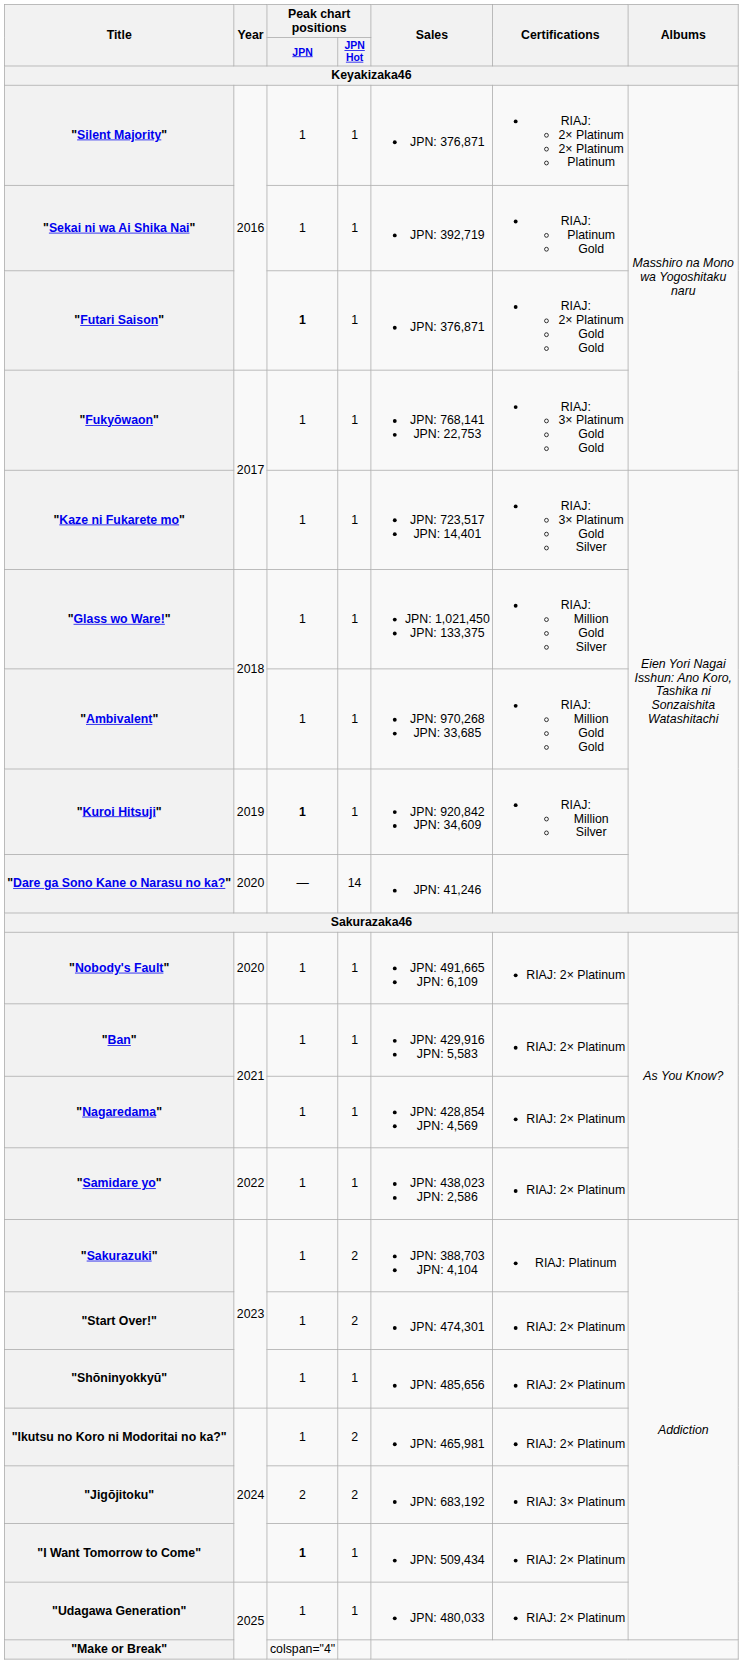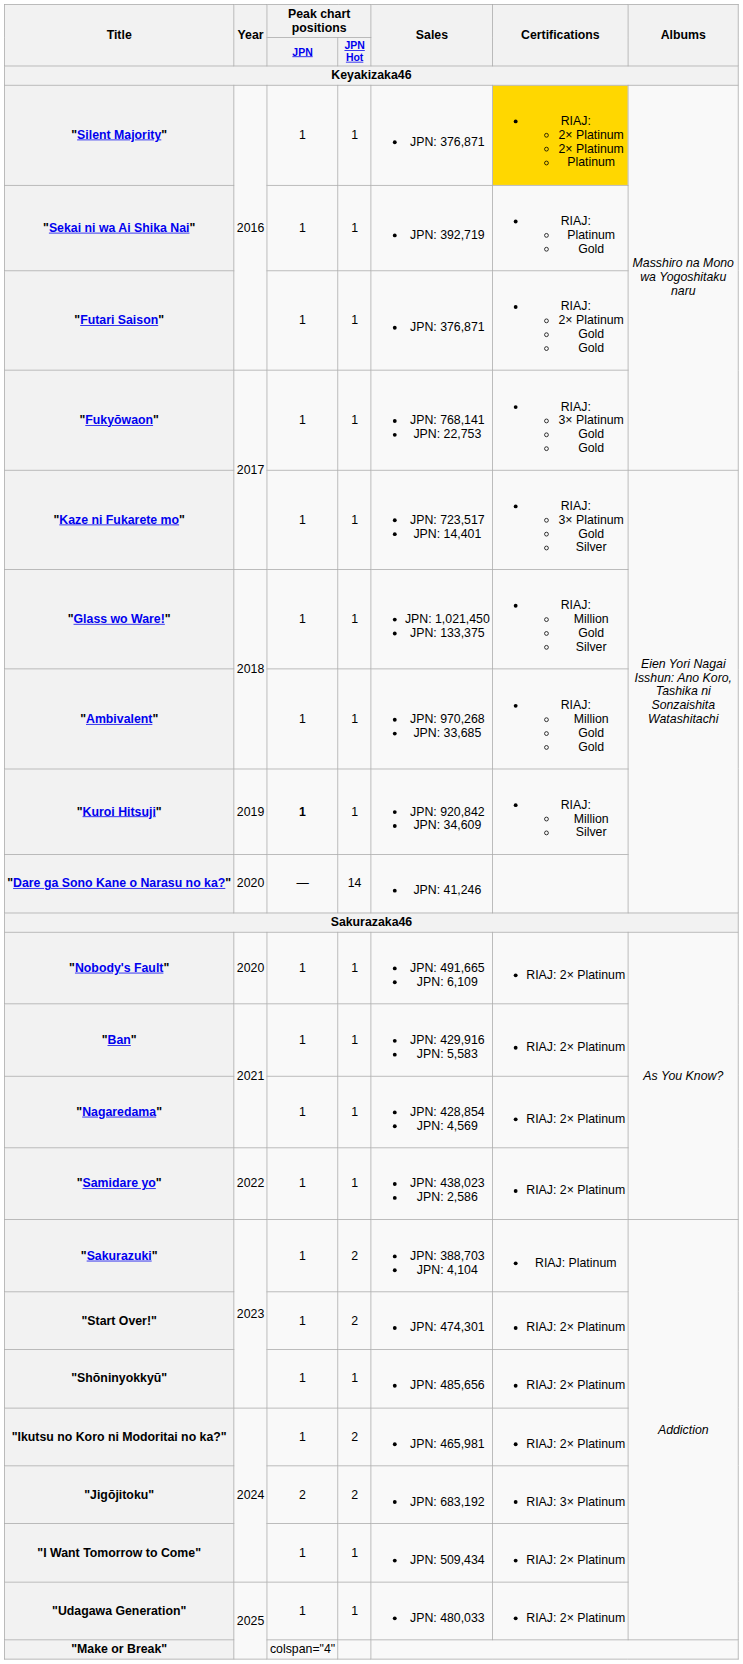 <table class="wikitable plainrowheaders" style="text-align:center;">
 <tr>
 <th scope="col" rowspan="2">Title</th>
 <th scope="col" rowspan="2">Year</th>
 <th scope="col" colspan="2">Peak chart<br>positions</th>
 <th scope="col" rowspan="2">Sales</th>
 <th scope="col" rowspan="2">Certifications</th>
 <th scope="col" rowspan="2" style="width:8.5em">Albums</th>
 </tr>
 <tr>
 <th style="width:2.7em;font-size:85%;"><a href='#'>JPN</a><br></th>
 <th style="width:2.7em;font-size:85%;"><a href='#'>JPN<br>Hot</a><br></th>
 </tr>
 <tr>
 <th colspan="7">Keyakizaka46</th>
 </tr>
 <tr>
 <th scope="row">"<a href='#'>Silent Majority</a>" </th>
 <td rowspan="3">2016</td>
 <td>1</td>
 <td>1</td>
 <td><br><ul><li>JPN: 376,871 </li></ul></td>
-<td><br><ul><li>RIAJ:<ul><li>2× Platinum </li><li>2× Platinum </li><li>Platinum </li></ul></li></ul></td>
+<td style="background: gold;"><br><ul><li>RIAJ:<ul><li>2× Platinum </li><li>2× Platinum </li><li>Platinum </li></ul></li></ul></td>
 <td rowspan="4"><em>Masshiro na Mono wa Yogoshitaku naru</em></td>
 </tr>
 <tr>
 <th scope="row">"<a href='#'>Sekai ni wa Ai Shika Nai</a>" </th>
 <td>1</td>
 <td>1</td>
 <td><br><ul><li>JPN: 392,719 </li></ul></td>
 <td><br><ul><li>RIAJ:<ul><li>Platinum </li><li>Gold </li></ul></li></ul></td>
 </tr>
 <tr>
 <th scope="row">"<a href='#'>Futari Saison</a>" </th>
-<td><strong>1</strong></td>
+<td>1</td>
 <td>1</td>
 <td><br><ul><li>JPN: 376,871 </li></ul></td>
 <td><br><ul><li>RIAJ:<ul><li>2× Platinum </li><li>Gold </li><li>Gold </li></ul></li></ul></td>
 </tr>
 <tr>
 <th scope="row">"<a href='#'>Fukyōwaon</a>" </th>
 <td rowspan="2">2017</td>
 <td>1</td>
 <td>1</td>
 <td><br><ul><li>JPN: 768,141 </li><li>JPN: 22,753 </li></ul></td>
 <td><br><ul><li>RIAJ:<ul><li>3× Platinum </li><li>Gold </li><li>Gold </li></ul></li></ul></td>
 </tr>
 <tr>
 <th scope="row">"<a href='#'>Kaze ni Fukarete mo</a>" </th>
 <td>1</td>
 <td>1</td>
 <td><br><ul><li>JPN: 723,517 </li><li>JPN: 14,401 </li></ul></td>
 <td><br><ul><li>RIAJ:<ul><li>3× Platinum </li><li>Gold </li><li>Silver </li></ul></li></ul></td>
 <td rowspan="5"><em>Eien Yori Nagai Isshun: Ano Koro, Tashika ni Sonzaishita Watashitachi</em></td>
 </tr>
 <tr>
 <th scope="row">"<a href='#'>Glass wo Ware!</a>" </th>
 <td rowspan="2">2018</td>
 <td>1</td>
 <td>1</td>
 <td><br><ul><li>JPN: 1,021,450 </li><li>JPN: 133,375 </li></ul></td>
 <td><br><ul><li>RIAJ:<ul><li>Million </li><li>Gold </li><li>Silver </li></ul></li></ul></td>
 </tr>
 <tr>
 <th scope="row">"<a href='#'>Ambivalent</a>" </th>
 <td>1</td>
 <td>1</td>
 <td><br><ul><li>JPN: 970,268 </li><li>JPN: 33,685 </li></ul></td>
 <td><br><ul><li>RIAJ:<ul><li>Million </li><li>Gold </li><li>Gold </li></ul></li></ul></td>
 </tr>
 <tr>
 <th scope="row">"<a href='#'>Kuroi Hitsuji</a>" </th>
 <td>2019</td>
 <td><strong>1</strong></td>
 <td>1</td>
 <td><br><ul><li>JPN: 920,842 </li><li>JPN: 34,609 </li></ul></td>
 <td><br><ul><li>RIAJ:<ul><li>Million </li><li>Silver </li></ul></li></ul></td>
 </tr>
 <tr>
 <th scope="row">"<a href='#'>Dare ga Sono Kane o Narasu no ka?</a>" </th>
 <td>2020</td>
 <td>—</td>
 <td>14</td>
 <td><br><ul><li>JPN: 41,246 </li></ul></td>
 <td></td>
 </tr>
 <tr>
 <th colspan="9">Sakurazaka46</th>
 </tr>
 <tr>
 <th scope="row">"<a href='#'>Nobody's Fault</a>"</th>
 <td>2020</td>
 <td>1</td>
 <td>1</td>
 <td><br><ul><li>JPN: 491,665 </li><li>JPN: 6,109 </li></ul></td>
 <td><br><ul><li>RIAJ: 2× Platinum </li></ul></td>
 <td rowspan="4"><em>As You Know?</em></td>
 </tr>
 <tr>
 <th scope="row">"<a href='#'>Ban</a>"</th>
 <td rowspan="2">2021</td>
 <td>1</td>
 <td>1</td>
 <td><br><ul><li>JPN: 429,916 </li><li>JPN: 5,583 </li></ul></td>
 <td><br><ul><li>RIAJ: 2× Platinum </li></ul></td>
 </tr>
 <tr>
 <th scope="row">"<a href='#'>Nagaredama</a>" </th>
 <td>1</td>
 <td>1</td>
 <td><br><ul><li>JPN: 428,854 </li><li>JPN: 4,569 </li></ul></td>
 <td><br><ul><li>RIAJ: 2× Platinum </li></ul></td>
 </tr>
 <tr>
 <th scope="row">"<a href='#'>Samidare yo</a>" </th>
 <td>2022</td>
 <td>1</td>
 <td>1</td>
 <td><br><ul><li>JPN: 438,023 </li><li>JPN: 2,586 </li></ul></td>
 <td><br><ul><li>RIAJ: 2× Platinum </li></ul></td>
 </tr>
 <tr>
 <th scope="row">"<a href='#'>Sakurazuki</a>" </th>
 <td rowspan="3">2023</td>
 <td>1</td>
 <td>2</td>
 <td><br><ul><li>JPN: 388,703 </li><li>JPN: 4,104 </li></ul></td>
 <td><br><ul><li>RIAJ: Platinum </li></ul></td>
 <td rowspan="7"><em>Addiction</em></td>
 </tr>
 <tr>
 <th scope="row">"Start Over!"</th>
 <td>1</td>
 <td>2</td>
 <td><br><ul><li>JPN: 474,301 </li></ul></td>
 <td><br><ul><li>RIAJ: 2× Platinum </li></ul></td>
 </tr>
 <tr>
 <th scope="row">"Shōninyokkyū" </th>
 <td>1</td>
 <td>1</td>
 <td><br><ul><li>JPN: 485,656 </li></ul></td>
 <td><br><ul><li>RIAJ: 2× Platinum </li></ul></td>
 </tr>
 <tr>
 <th scope="row">"Ikutsu no Koro ni Modoritai no ka?" </th>
 <td rowspan="3">2024</td>
 <td>1</td>
 <td>2</td>
 <td><br><ul><li>JPN: 465,981 </li></ul></td>
 <td><br><ul><li>RIAJ: 2× Platinum </li></ul></td>
 </tr>
 <tr>
 <th scope="row">"Jigōjitoku" </th>
 <td>2</td>
 <td>2</td>
 <td><br><ul><li>JPN: 683,192 </li></ul></td>
 <td><br><ul><li>RIAJ: 3× Platinum </li></ul></td>
 </tr>
 <tr>
 <th scope="row">"I Want Tomorrow to Come"</th>
-<td><strong>1</strong></td>
+<td>1</td>
 <td>1</td>
 <td><br><ul><li>JPN: 509,434 </li></ul></td>
 <td><br><ul><li>RIAJ: 2× Platinum </li></ul></td>
 </tr>
 <tr>
 <th scope="row">"Udagawa Generation"</th>
 <td rowspan="2">2025</td>
 <td>1</td>
 <td>1</td>
 <td><br><ul><li>JPN: 480,033 </li></ul></td>
 <td><br><ul><li>RIAJ: 2× Platinum </li></ul></td>
 </tr>
 <tr>
 <th scope="row">"Make or Break"</th>
 <td>colspan="4" </td>
 <td></td>
 </tr>
 </table>
